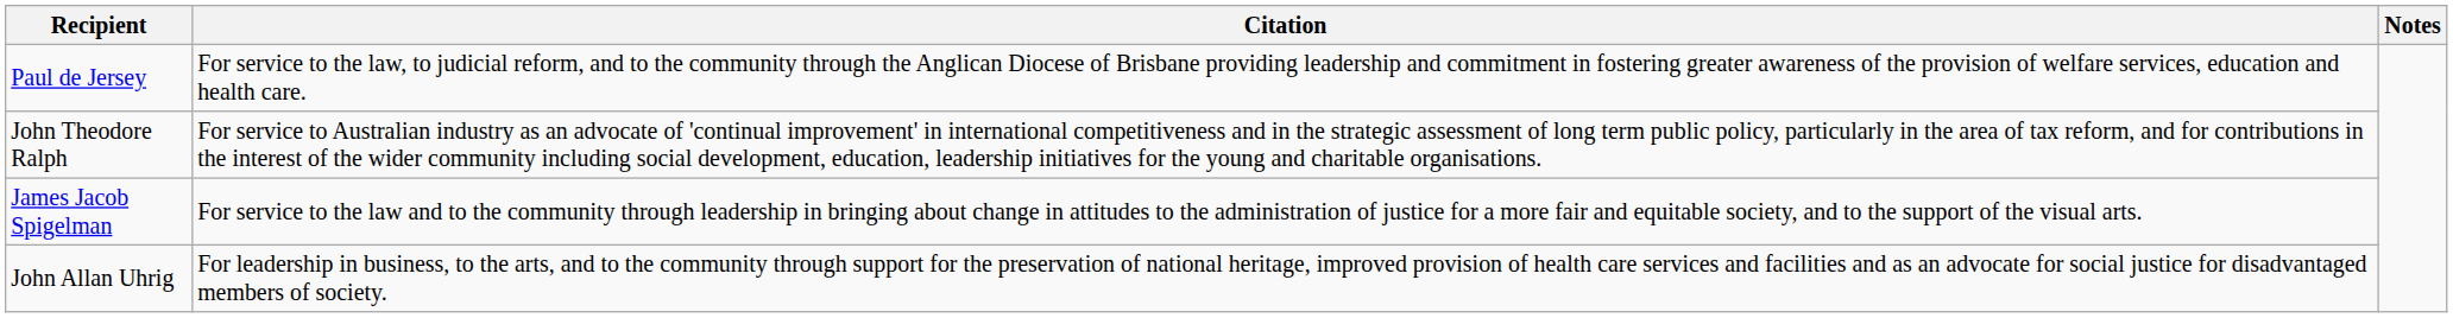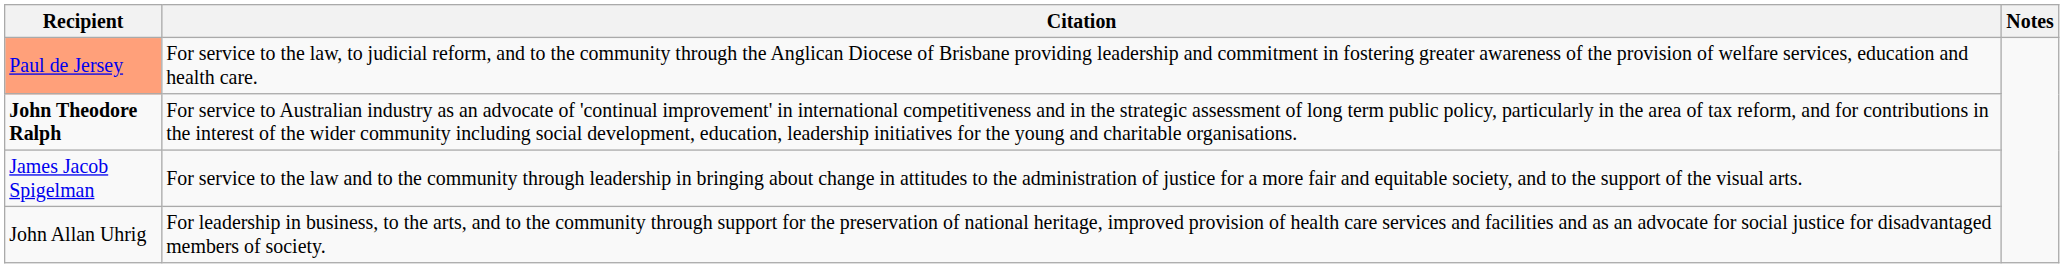 <table class="wikitable" style="font-size:95%;">
 <tr>
 <th>Recipient</th>
 <th>Citation</th>
 <th>Notes</th>
 </tr>
 <tr>
-<td> <a href='#'>Paul de Jersey</a></td>
+<td style="background: lightsalmon;"> <a href='#'>Paul de Jersey</a></td>
 <td>For service to the law, to judicial reform, and to the community through the Anglican Diocese of Brisbane providing leadership and commitment in fostering greater awareness of the provision of welfare services, education and health care.</td>
 <td rowspan=4></td>
 </tr>
 <tr>
-<td>John Theodore Ralph</td>
+<td><strong>John Theodore Ralph</strong></td>
 <td>For service to Australian industry as an advocate of 'continual improvement' in international competitiveness and in the strategic assessment of long term public policy, particularly in the area of tax reform, and for contributions in the interest of the wider community including social development, education, leadership initiatives for the young and charitable organisations.</td>
 </tr>
 <tr>
 <td> <a href='#'>James Jacob Spigelman</a></td>
 <td>For service to the law and to the community through leadership in bringing about change in attitudes to the administration of justice for a more fair and equitable society, and to the support of the visual arts.</td>
 </tr>
 <tr>
 <td>John Allan Uhrig</td>
 <td>For leadership in business, to the arts, and to the community through support for the preservation of national heritage, improved provision of health care services and facilities and as an advocate for social justice for disadvantaged members of society.</td>
 </tr>
 </table>
